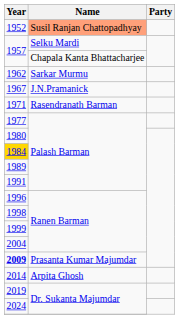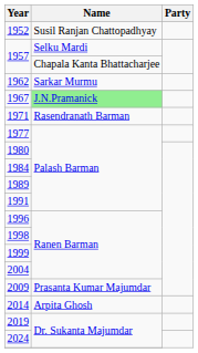 <table class="wikitable">
 <tr>
 <th>Year</th>
 <th>Name</th>
 <th colspan="2">Party</th>
 </tr>
 <tr>
 <td><a href='#'>1952</a></td>
-<td style="background: lightsalmon;">Susil Ranjan Chattopadhyay</td>
+<td>Susil Ranjan Chattopadhyay</td>
 <td></td>
 </tr>
 <tr>
 <td rowspan="2"><a href='#'>1957</a></td>
 <td><a href='#'>Selku Mardi</a></td>
 </tr>
 <tr>
 <td>Chapala Kanta Bhattacharjee</td>
 </tr>
 <tr>
 <td><a href='#'>1962</a></td>
 <td><a href='#'>Sarkar Murmu</a></td>
 <td></td>
 </tr>
 <tr>
 <td><a href='#'>1967</a></td>
-<td><a href='#'>J.N.Pramanick</a></td>
+<td style="background: lightgreen;"><a href='#'>J.N.Pramanick</a></td>
 <td></td>
 </tr>
 <tr>
 <td><a href='#'>1971</a></td>
 <td><a href='#'>Rasendranath Barman</a></td>
 </tr>
 <tr>
 <td><a href='#'>1977</a></td>
 <td rowspan="5"><a href='#'>Palash Barman</a></td>
 <td></td>
 </tr>
 <tr>
 <td><a href='#'>1980</a></td>
 </tr>
 <tr>
-<td style="background: gold;"><a href='#'>1984</a></td>
+<td><a href='#'>1984</a></td>
 </tr>
 <tr>
 <td><a href='#'>1989</a></td>
 </tr>
 <tr>
 <td><a href='#'>1991</a></td>
 </tr>
 <tr>
 <td><a href='#'>1996</a></td>
 <td rowspan="4"><a href='#'>Ranen Barman</a></td>
 </tr>
 <tr>
 <td><a href='#'>1998</a></td>
 </tr>
 <tr>
 <td><a href='#'>1999</a></td>
 </tr>
 <tr>
 <td><a href='#'>2004</a></td>
 </tr>
 <tr>
-<td><strong><a href='#'>2009</a></strong></td>
+<td><a href='#'>2009</a></td>
 <td><a href='#'>Prasanta Kumar Majumdar</a></td>
 </tr>
 <tr>
 <td><a href='#'>2014</a></td>
 <td><a href='#'>Arpita Ghosh</a></td>
 <td></td>
 </tr>
 <tr>
 <td><a href='#'>2019</a></td>
 <td rowspan="2"><a href='#'>Dr. Sukanta Majumdar</a></td>
 <td></td>
 </tr>
 <tr>
 <td><a href='#'>2024</a></td>
 </tr>
 <tr>
 </tr>
 </table>
